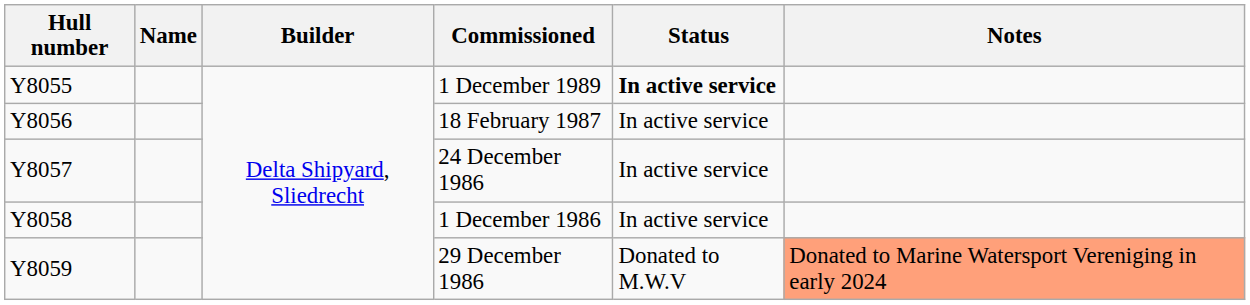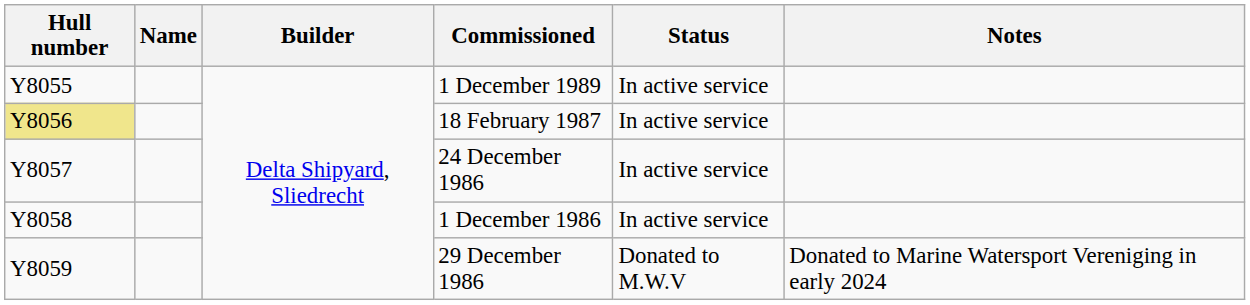 <table class="wikitable">
 <tr>
 <th>Hull number</th>
 <th>Name</th>
 <th>Builder</th>
 <th>Commissioned</th>
 <th>Status</th>
 <th>Notes</th>
 </tr>
 <tr>
 <td>Y8055</td>
 <td></td>
 <td rowspan=5 align=center><a href='#'>Delta Shipyard</a>, <a href='#'>Sliedrecht</a></td>
 <td>1 December 1989</td>
-<td><strong>In active service</strong></td>
+<td>In active service</td>
 <td></td>
 </tr>
 <tr>
-<td>Y8056</td>
+<td style="background: khaki;">Y8056</td>
 <td></td>
 <td>18 February 1987</td>
 <td>In active service</td>
 <td></td>
 </tr>
 <tr>
 <td>Y8057</td>
 <td></td>
 <td>24 December 1986</td>
 <td>In active service</td>
 <td></td>
 </tr>
 <tr>
 <td>Y8058</td>
 <td></td>
 <td>1 December 1986</td>
 <td>In active service</td>
 <td></td>
 </tr>
 <tr>
 <td>Y8059</td>
 <td></td>
 <td>29 December 1986</td>
 <td>Donated to M.W.V</td>
-<td style="background: lightsalmon;">Donated to Marine Watersport Vereniging in early 2024</td>
+<td>Donated to Marine Watersport Vereniging in early 2024</td>
 </tr>
 </table>
